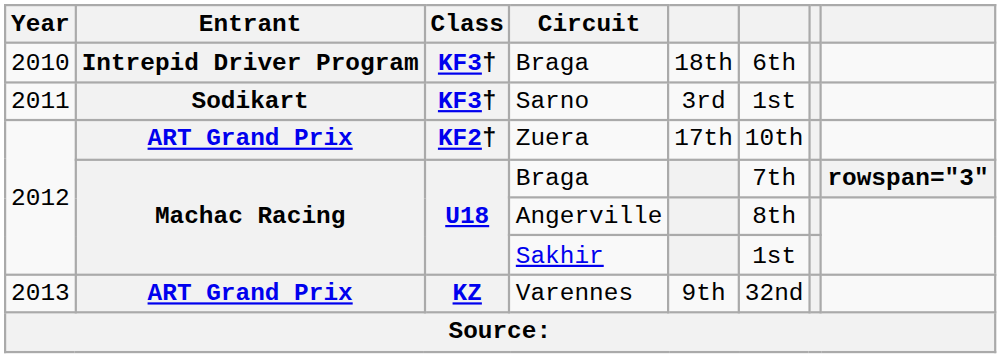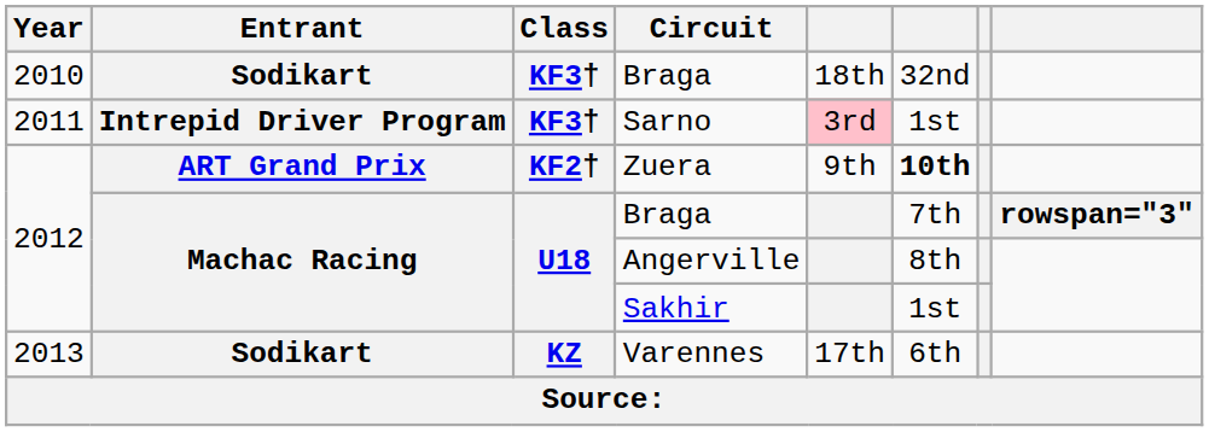 <table class="wikitable" style="text-align:center; font-size:85%">
 <tr>
 <th>Year</th>
 <th>Entrant</th>
 <th>Class</th>
 <th>Circuit</th>
 <th></th>
 <th></th>
 <th></th>
 <th></th>
 </tr>
 <tr>
 <td>2010</td>
-<th nowrap>Intrepid Driver Program</th>
+<th nowrap>Sodikart</th>
 <th><a href='#'>KF3</a>†</th>
 <td nowrap align=left> Braga</td>
 <td>18th</td>
-<td>6th</td>
+<td>32nd</td>
 <th></th>
 <td></td>
 </tr>
 <tr>
 <td>2011</td>
-<th nowrap>Sodikart</th>
+<th nowrap>Intrepid Driver Program</th>
 <th><a href='#'>KF3</a>†</th>
 <td nowrap align=left> Sarno</td>
-<td>3rd</td>
+<td style="background: pink;">3rd</td>
 <td>1st</td>
 <th></th>
 <td></td>
 </tr>
 <tr>
 <td rowspan="4">2012</td>
 <th nowrap><a href='#'>ART Grand Prix</a></th>
 <th><a href='#'>KF2</a>†</th>
 <td nowrap align=left> Zuera</td>
-<td>17th</td>
-<td>10th</td>
+<td>9th</td>
+<td><strong>10th</strong></td>
 <th></th>
 <td></td>
 </tr>
 <tr>
 <th nowrap rowspan="3">Machac Racing</th>
 <th rowspan="3"><a href='#'>U18</a></th>
 <td nowrap align=left> Braga</td>
 <th></th>
 <td>7th</td>
 <th></th>
 <th>rowspan="3" </th>
 </tr>
 <tr>
 <td nowrap align=left> Angerville</td>
 <th></th>
 <td>8th</td>
 <th></th>
 </tr>
 <tr>
 <td nowrap align=left> <a href='#'>Sakhir</a></td>
 <th></th>
 <td>1st</td>
 <th></th>
 </tr>
 <tr>
 <td>2013</td>
-<th nowrap><a href='#'>ART Grand Prix</a></th>
+<th nowrap>Sodikart</th>
 <th><a href='#'>KZ</a></th>
 <td nowrap align=left> Varennes</td>
-<td>9th</td>
-<td>32nd</td>
+<td>17th</td>
+<td>6th</td>
 <th></th>
 <td></td>
 </tr>
 <tr>
 <th colspan="100">Source:</th>
 </tr>
 </table>
